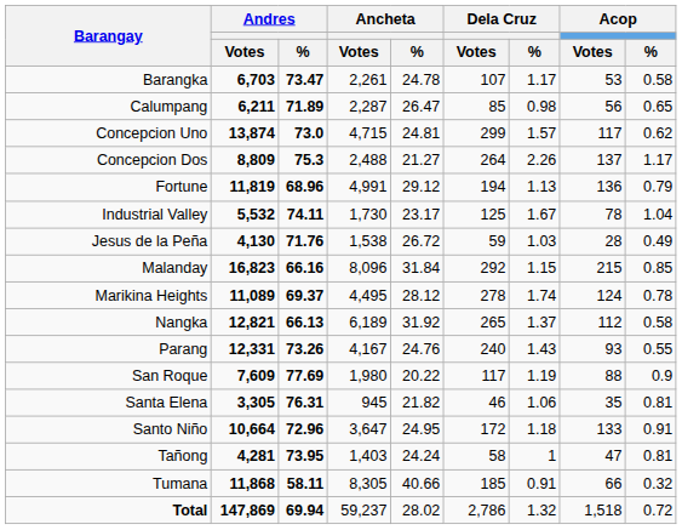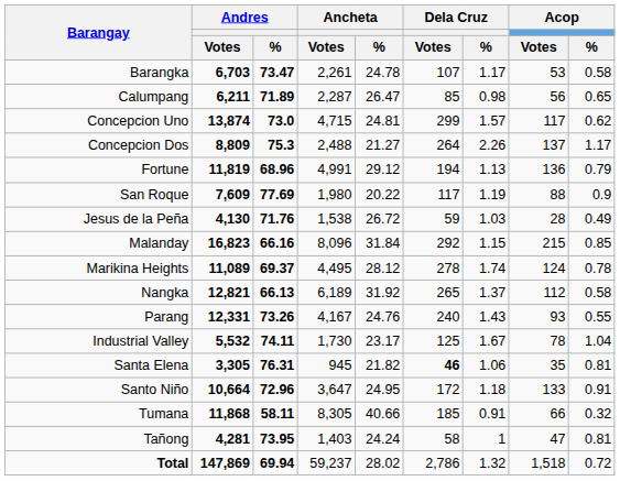 <table class="wikitable collapsible collapsed" style="text-align:right; font-size:95%; line-height:20px;">
 <tr>
 <th rowspan="3" width="200"><a href='#'>Barangay</a></th>
 <th colspan="2" width="110"><a href='#'>Andres</a></th>
 <th colspan="2" width="110">Ancheta</th>
 <th colspan="2" width="110">Dela Cruz</th>
 <th colspan="2" width="110">Acop</th>
 </tr>
 <tr>
 <th colspan="2" style="background:"></th>
 <th colspan="2" style="background:"></th>
 <th colspan="2" style="background:"></th>
 <th colspan="2" style="background:#5da4e3;"></th>
 </tr>
 <tr>
 <th>Votes</th>
 <th>%</th>
 <th>Votes</th>
 <th>%</th>
 <th>Votes</th>
 <th>%</th>
 <th>Votes</th>
 <th>%</th>
 </tr>
 <tr>
 <td>Barangka</td>
 <td style="background:#"><strong>6,703</strong></td>
 <td style="background:#"><strong>73.47</strong></td>
 <td>2,261</td>
 <td>24.78</td>
 <td>107</td>
 <td>1.17</td>
 <td>53</td>
 <td>0.58</td>
 </tr>
 <tr>
 <td>Calumpang</td>
 <td style="background:#"><strong>6,211</strong></td>
 <td style="background:#"><strong>71.89</strong></td>
 <td>2,287</td>
 <td>26.47</td>
 <td>85</td>
 <td>0.98</td>
 <td>56</td>
 <td>0.65</td>
 </tr>
 <tr>
 <td>Concepcion Uno</td>
 <td style="background:#"><strong>13,874</strong></td>
 <td style="background:#"><strong>73.0</strong></td>
 <td>4,715</td>
 <td>24.81</td>
 <td>299</td>
 <td>1.57</td>
 <td>117</td>
 <td>0.62</td>
 </tr>
 <tr>
 <td>Concepcion Dos</td>
 <td style="background:#"><strong>8,809</strong></td>
 <td style="background:#"><strong>75.3</strong></td>
 <td>2,488</td>
 <td>21.27</td>
 <td>264</td>
 <td>2.26</td>
 <td>137</td>
 <td>1.17</td>
 </tr>
 <tr>
 <td>Fortune</td>
 <td style="background:#"><strong>11,819</strong></td>
 <td style="background:#"><strong>68.96</strong></td>
 <td>4,991</td>
 <td>29.12</td>
 <td>194</td>
 <td>1.13</td>
 <td>136</td>
 <td>0.79</td>
 </tr>
 <tr>
-<td>Industrial Valley</td>
-<td style="background:#"><strong>5,532</strong></td>
-<td style="background:#"><strong>74.11</strong></td>
-<td>1,730</td>
-<td>23.17</td>
-<td>125</td>
-<td>1.67</td>
-<td>78</td>
-<td>1.04</td>
+<td>San Roque</td>
+<td style="background:#"><strong>7,609</strong></td>
+<td style="background:#"><strong>77.69</strong></td>
+<td>1,980</td>
+<td>20.22</td>
+<td>117</td>
+<td>1.19</td>
+<td>88</td>
+<td>0.9</td>
 </tr>
 <tr>
 <td>Jesus de la Peña</td>
 <td style="background:#"><strong>4,130</strong></td>
 <td style="background:#"><strong>71.76</strong></td>
 <td>1,538</td>
 <td>26.72</td>
 <td>59</td>
 <td>1.03</td>
 <td>28</td>
 <td>0.49</td>
 </tr>
 <tr>
 <td>Malanday</td>
 <td style="background:#"><strong>16,823</strong></td>
 <td style="background:#"><strong>66.16</strong></td>
 <td>8,096</td>
 <td>31.84</td>
 <td>292</td>
 <td>1.15</td>
 <td>215</td>
 <td>0.85</td>
 </tr>
 <tr>
 <td>Marikina Heights</td>
 <td style="background:#"><strong>11,089</strong></td>
 <td style="background:#"><strong>69.37</strong></td>
 <td>4,495</td>
 <td>28.12</td>
 <td>278</td>
 <td>1.74</td>
 <td>124</td>
 <td>0.78</td>
 </tr>
 <tr>
 <td>Nangka</td>
 <td style="background:#"><strong>12,821</strong></td>
 <td style="background:#"><strong>66.13</strong></td>
 <td>6,189</td>
 <td>31.92</td>
 <td>265</td>
 <td>1.37</td>
 <td>112</td>
 <td>0.58</td>
 </tr>
 <tr>
 <td>Parang</td>
 <td style="background:#"><strong>12,331</strong></td>
 <td style="background:#"><strong>73.26</strong></td>
 <td>4,167</td>
 <td>24.76</td>
 <td>240</td>
 <td>1.43</td>
 <td>93</td>
 <td>0.55</td>
 </tr>
 <tr>
-<td>San Roque</td>
-<td style="background:#"><strong>7,609</strong></td>
-<td style="background:#"><strong>77.69</strong></td>
-<td>1,980</td>
-<td>20.22</td>
-<td>117</td>
-<td>1.19</td>
-<td>88</td>
-<td>0.9</td>
+<td>Industrial Valley</td>
+<td style="background:#"><strong>5,532</strong></td>
+<td style="background:#"><strong>74.11</strong></td>
+<td>1,730</td>
+<td>23.17</td>
+<td>125</td>
+<td>1.67</td>
+<td>78</td>
+<td>1.04</td>
 </tr>
 <tr>
 <td>Santa Elena</td>
 <td style="background:#"><strong>3,305</strong></td>
 <td style="background:#"><strong>76.31</strong></td>
 <td>945</td>
 <td>21.82</td>
-<td>46</td>
+<td><strong>46</strong></td>
 <td>1.06</td>
 <td>35</td>
 <td>0.81</td>
 </tr>
 <tr>
 <td>Santo Niño</td>
 <td style="background:#"><strong>10,664</strong></td>
 <td style="background:#"><strong>72.96</strong></td>
 <td>3,647</td>
 <td>24.95</td>
 <td>172</td>
 <td>1.18</td>
 <td>133</td>
 <td>0.91</td>
 </tr>
 <tr>
+<td>Tumana</td>
+<td style="background:#"><strong>11,868</strong></td>
+<td style="background:#"><strong>58.11</strong></td>
+<td>8,305</td>
+<td>40.66</td>
+<td>185</td>
+<td>0.91</td>
+<td>66</td>
+<td>0.32</td>
+</tr>
+<tr>
 <td>Tañong</td>
 <td style="background:#"><strong>4,281</strong></td>
 <td style="background:#"><strong>73.95</strong></td>
 <td>1,403</td>
 <td>24.24</td>
 <td>58</td>
 <td>1</td>
 <td>47</td>
 <td>0.81</td>
-</tr>
-<tr>
-<td>Tumana</td>
-<td style="background:#"><strong>11,868</strong></td>
-<td style="background:#"><strong>58.11</strong></td>
-<td>8,305</td>
-<td>40.66</td>
-<td>185</td>
-<td>0.91</td>
-<td>66</td>
-<td>0.32</td>
 </tr>
 <tr>
 <td><strong>Total</strong></td>
 <td style="background:#"><strong>147,869</strong></td>
 <td style="background:#"><strong>69.94</strong></td>
 <td>59,237</td>
 <td>28.02</td>
 <td>2,786</td>
 <td>1.32</td>
 <td>1,518</td>
 <td>0.72</td>
 </tr>
 </table>
